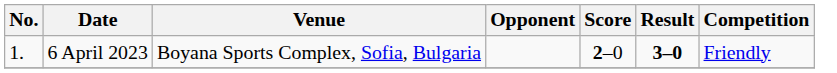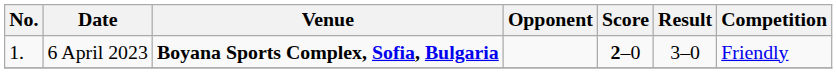 <table class="wikitable">
 <tr>
 <th>No.</th>
 <th>Date</th>
 <th>Venue</th>
 <th>Opponent</th>
 <th>Score</th>
 <th>Result</th>
 <th>Competition</th>
 </tr>
 <tr>
 <td>1.</td>
 <td>6 April 2023</td>
-<td>Boyana Sports Complex, <a href='#'>Sofia</a>, <a href='#'>Bulgaria</a></td>
+<td><strong>Boyana Sports Complex, <a href='#'>Sofia</a>, <a href='#'>Bulgaria</a></strong></td>
 <td></td>
 <td align=center><strong>2</strong>–0</td>
-<td align=center><strong>3–0</strong></td>
+<td align=center>3–0</td>
 <td><a href='#'>Friendly</a></td>
 </tr>
 <tr>
 </tr>
 </table>
